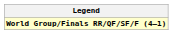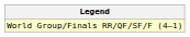 <table class="wikitable" style="font-size:90%">
 <tr>
 <th>Legend</th>
 </tr>
 <tr bgcolor="#ffc">
-<td><strong>World Group/Finals RR/QF/SF/F (4–1)</strong></td>
+<td>World Group/Finals RR/QF/SF/F (4–1)</td>
 </tr>
 </table>
